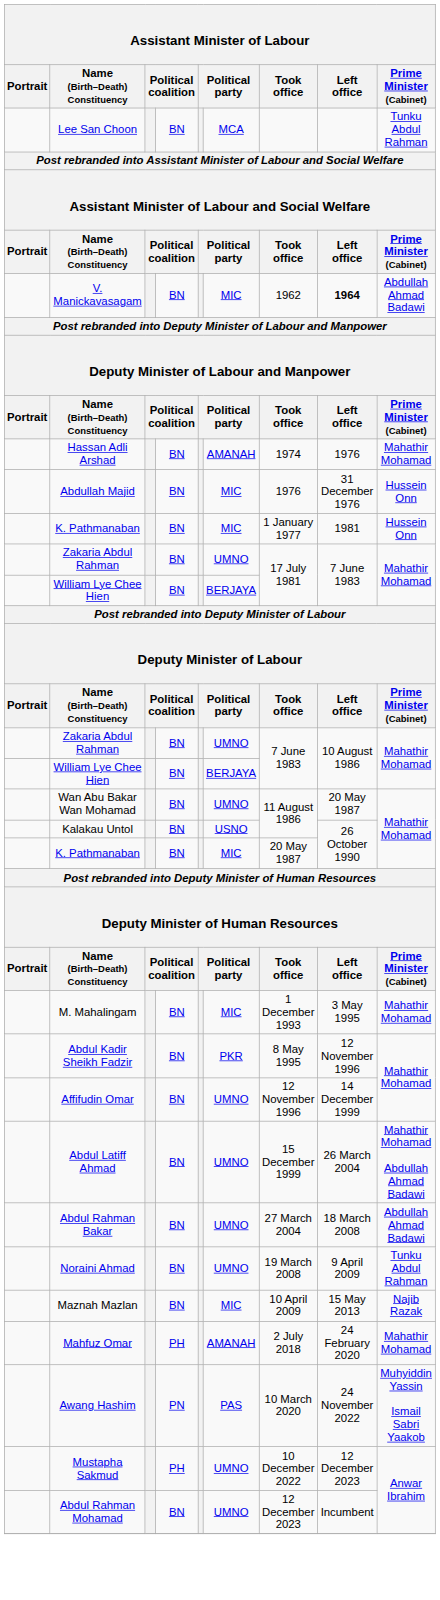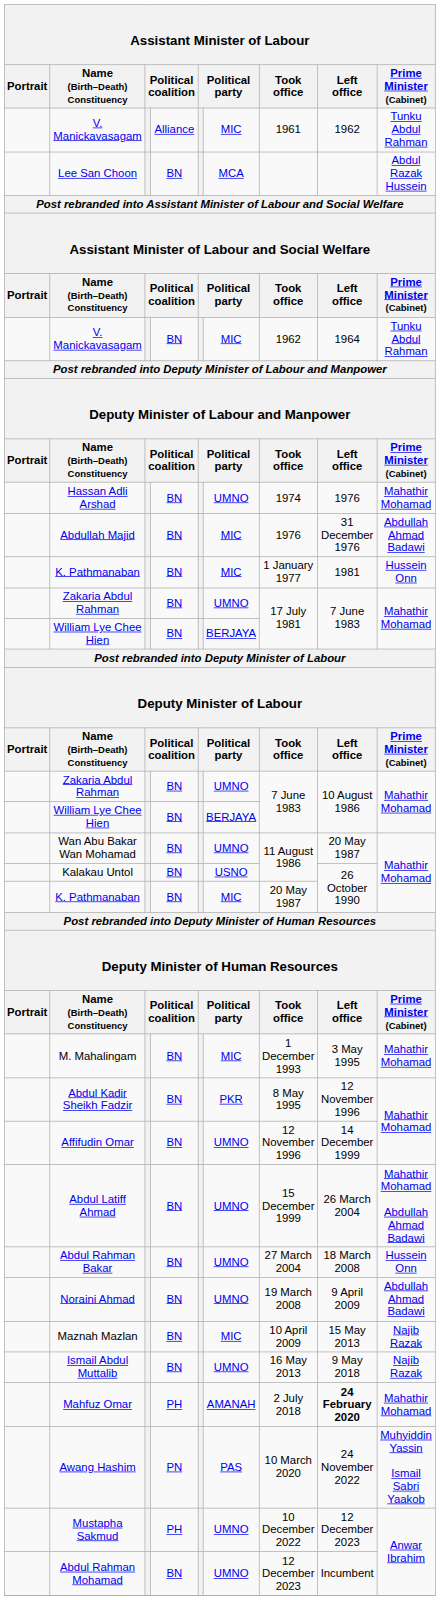 <table class="wikitable" style="text-align:center;">
 <tr>
 <th colspan="9"><br><h3>Assistant Minister of Labour</h3></th>
 </tr>
 <tr>
 <th>Portrait</th>
 <th>Name<br><small>(Birth–Death)<br>Constituency</small></th>
 <th colspan="2">Political coalition</th>
 <th colspan="2">Political party</th>
 <th>Took office</th>
 <th>Left office</th>
 <th><a href='#'>Prime Minister</a><br><small>(Cabinet)</small></th>
 </tr>
 <tr>
 <td></td>
+<td><a href='#'>V. Manickavasagam</a><br></td>
+<th style="background:"></th>
+<td><a href='#'>Alliance</a></td>
+<th style="background:"></th>
+<td><a href='#'>MIC</a></td>
+<td>1961</td>
+<td>1962</td>
+<td><a href='#'>Tunku Abdul Rahman</a><br></td>
+</tr>
+<tr>
+<td></td>
 <td><a href='#'>Lee San Choon</a><br></td>
 <th style="background:"></th>
 <td><a href='#'>BN</a></td>
 <th style="background:"></th>
 <td><a href='#'>MCA</a></td>
 <td></td>
 <td></td>
-<td><a href='#'>Tunku Abdul Rahman</a><br></td>
+<td><a href='#'>Abdul Razak Hussein</a><br></td>
 </tr>
 <tr>
 <th colspan="9"><em>Post rebranded into Assistant Minister of Labour and Social Welfare</em></th>
 </tr>
 <tr>
 <th colspan="9"><br><h3>Assistant Minister of Labour and Social Welfare</h3></th>
 </tr>
 <tr>
 <th>Portrait</th>
 <th>Name<br><small>(Birth–Death)<br>Constituency</small></th>
 <th colspan="2">Political coalition</th>
 <th colspan="2">Political party</th>
 <th>Took office</th>
 <th>Left office</th>
 <th><a href='#'>Prime Minister</a><br><small>(Cabinet)</small></th>
 </tr>
 <tr>
 <td></td>
 <td><a href='#'>V. Manickavasagam</a><br></td>
 <th style="background:"></th>
 <td><a href='#'>BN</a></td>
 <th style="background:"></th>
 <td><a href='#'>MIC</a></td>
 <td>1962</td>
-<td><strong>1964</strong></td>
-<td><a href='#'>Abdullah Ahmad Badawi</a><br></td>
+<td>1964</td>
+<td><a href='#'>Tunku Abdul Rahman</a><br></td>
 </tr>
 <tr>
 <th colspan="9"><em>Post rebranded into Deputy Minister of Labour and Manpower</em></th>
 </tr>
 <tr>
 <th colspan="9"><br><h3>Deputy Minister of Labour and Manpower</h3></th>
 </tr>
 <tr>
 <th>Portrait</th>
 <th>Name<br><small>(Birth–Death)<br>Constituency</small></th>
 <th colspan="2">Political coalition</th>
 <th colspan="2">Political party</th>
 <th>Took office</th>
 <th>Left office</th>
 <th><a href='#'>Prime Minister</a><br><small>(Cabinet)</small></th>
 </tr>
 <tr>
 <td></td>
 <td><a href='#'>Hassan Adli Arshad</a><br></td>
 <th style="background:"></th>
 <td><a href='#'>BN</a></td>
 <th style="background:"></th>
-<td><a href='#'>AMANAH</a></td>
+<td><a href='#'>UMNO</a></td>
 <td>1974</td>
 <td>1976</td>
 <td><a href='#'>Mahathir Mohamad</a><br></td>
 </tr>
 <tr>
 <td></td>
 <td><a href='#'>Abdullah Majid</a><br></td>
 <th style="background:"></th>
 <td><a href='#'>BN</a></td>
 <th style="background:"></th>
 <td><a href='#'>MIC</a></td>
 <td>1976</td>
 <td>31 December 1976</td>
-<td><a href='#'>Hussein Onn</a><br></td>
+<td><a href='#'>Abdullah Ahmad Badawi</a><br></td>
 </tr>
 <tr>
 <td></td>
 <td><a href='#'>K. Pathmanaban</a><br></td>
 <th style="background:"></th>
 <td><a href='#'>BN</a></td>
 <th style="background:"></th>
 <td><a href='#'>MIC</a></td>
 <td>1 January 1977</td>
 <td>1981</td>
 <td><a href='#'>Hussein Onn</a><br></td>
 </tr>
 <tr>
 <td></td>
 <td><a href='#'>Zakaria Abdul Rahman</a><br></td>
 <th style="background:"></th>
 <td><a href='#'>BN</a></td>
 <th style="background:"></th>
 <td><a href='#'>UMNO</a></td>
 <td rowspan=2>17 July 1981</td>
 <td rowspan=2>7 June 1983</td>
 <td rowspan=2><a href='#'>Mahathir Mohamad</a><br></td>
 </tr>
 <tr>
 <td></td>
 <td><a href='#'>William Lye Chee Hien</a>	<br></td>
 <th style="background:"></th>
 <td><a href='#'>BN</a></td>
 <th style="background:"></th>
 <td><a href='#'>BERJAYA</a></td>
 </tr>
 <tr>
 <th colspan="9"><em>Post rebranded into Deputy Minister of Labour</em></th>
 </tr>
 <tr>
 <th colspan="9"><br><h3>Deputy Minister of Labour</h3></th>
 </tr>
 <tr>
 <th>Portrait</th>
 <th>Name<br><small>(Birth–Death)<br>Constituency</small></th>
 <th colspan="2">Political coalition</th>
 <th colspan="2">Political party</th>
 <th>Took office</th>
 <th>Left office</th>
 <th><a href='#'>Prime Minister</a><br><small>(Cabinet)</small></th>
 </tr>
 <tr>
 <td></td>
 <td><a href='#'>Zakaria Abdul Rahman</a><br></td>
 <th style="background:"></th>
 <td><a href='#'>BN</a></td>
 <th style="background:"></th>
 <td><a href='#'>UMNO</a></td>
 <td rowspan=2>7 June 1983</td>
 <td rowspan=2>10 August 1986</td>
 <td rowspan=2><a href='#'>Mahathir Mohamad</a><br></td>
 </tr>
 <tr>
 <td></td>
 <td><a href='#'>William Lye Chee Hien</a><br></td>
 <th style="background:"></th>
 <td><a href='#'>BN</a></td>
 <th style="background:"></th>
 <td><a href='#'>BERJAYA</a></td>
 </tr>
 <tr>
 <td></td>
 <td>Wan Abu Bakar Wan Mohamad<br></td>
 <th style="background:"></th>
 <td><a href='#'>BN</a></td>
 <th style="background:"></th>
 <td><a href='#'>UMNO</a></td>
 <td rowspan=2>11 August 1986</td>
 <td>20 May 1987</td>
 <td rowspan=3><a href='#'>Mahathir Mohamad</a><br></td>
 </tr>
 <tr>
 <td></td>
 <td>Kalakau Untol<br></td>
 <th style="background:"></th>
 <td><a href='#'>BN</a></td>
 <th style="background:"></th>
 <td><a href='#'>USNO</a></td>
 <td rowspan=2>26 October 1990</td>
 </tr>
 <tr>
 <td></td>
 <td><a href='#'>K. Pathmanaban</a><br></td>
 <th style="background:"></th>
 <td><a href='#'>BN</a></td>
 <th style="background:"></th>
 <td><a href='#'>MIC</a></td>
 <td>20 May 1987</td>
 </tr>
 <tr>
 <th colspan="9"><em>Post rebranded into Deputy Minister of Human Resources</em></th>
 </tr>
 <tr>
 <th colspan="9"><br><h3>Deputy Minister of Human Resources</h3></th>
 </tr>
 <tr>
 <th>Portrait</th>
 <th>Name<br><small>(Birth–Death)<br>Constituency</small></th>
 <th colspan="2">Political coalition</th>
 <th colspan="2">Political party</th>
 <th>Took office</th>
 <th>Left office</th>
 <th><a href='#'>Prime Minister</a><br><small>(Cabinet)</small></th>
 </tr>
 <tr>
 <td></td>
 <td>M. Mahalingam<br></td>
 <th style="background:"></th>
 <td><a href='#'>BN</a></td>
 <th style="background:"></th>
 <td><a href='#'>MIC</a></td>
 <td>1 December 1993</td>
 <td>3 May 1995</td>
 <td><a href='#'>Mahathir Mohamad</a><br></td>
 </tr>
 <tr>
 <td></td>
 <td><a href='#'>Abdul Kadir Sheikh Fadzir</a><br></td>
 <th style="background:"></th>
 <td><a href='#'>BN</a></td>
 <th style="background:"></th>
 <td><a href='#'>PKR</a></td>
 <td>8 May 1995</td>
 <td>12 November 1996</td>
 <td rowspan=2><a href='#'>Mahathir Mohamad</a><br></td>
 </tr>
 <tr>
 <td></td>
 <td><a href='#'>Affifudin Omar</a><br></td>
 <th style="background:"></th>
 <td><a href='#'>BN</a></td>
 <th style="background:"></th>
 <td><a href='#'>UMNO</a></td>
 <td>12 November 1996</td>
 <td>14 December 1999</td>
 </tr>
 <tr>
 <td></td>
 <td><a href='#'>Abdul Latiff Ahmad</a><br></td>
 <th style="background:"></th>
 <td><a href='#'>BN</a></td>
 <th style="background:"></th>
 <td><a href='#'>UMNO</a></td>
 <td>15 December 1999</td>
 <td>26 March 2004</td>
 <td><a href='#'>Mahathir Mohamad</a><br><br><a href='#'>Abdullah Ahmad Badawi</a><br></td>
 </tr>
 <tr>
 <td></td>
 <td><a href='#'>Abdul Rahman Bakar</a><br></td>
 <th style="background:"></th>
 <td><a href='#'>BN</a></td>
 <th style="background:"></th>
 <td><a href='#'>UMNO</a></td>
 <td>27 March 2004</td>
 <td>18 March 2008</td>
-<td><a href='#'>Abdullah Ahmad Badawi</a><br></td>
+<td><a href='#'>Hussein Onn</a><br></td>
 </tr>
 <tr>
 <td></td>
 <td><a href='#'>Noraini Ahmad</a><br></td>
 <th style="background:"></th>
 <td><a href='#'>BN</a></td>
 <th style="background:"></th>
 <td><a href='#'>UMNO</a></td>
 <td>19 March 2008</td>
 <td>9 April 2009</td>
-<td><a href='#'>Tunku Abdul Rahman</a><br></td>
+<td><a href='#'>Abdullah Ahmad Badawi</a><br></td>
 </tr>
 <tr>
 <td></td>
 <td>Maznah Mazlan<br></td>
 <th style="background:"></th>
 <td><a href='#'>BN</a></td>
 <th style="background:"></th>
 <td><a href='#'>MIC</a></td>
 <td>10 April 2009</td>
 <td>15 May 2013</td>
 <td><a href='#'>Najib Razak</a><br></td>
 </tr>
 <tr>
 <td></td>
+<td><a href='#'>Ismail Abdul Muttalib</a><br></td>
+<th style="background:"></th>
+<td><a href='#'>BN</a></td>
+<th style="background:"></th>
+<td><a href='#'>UMNO</a></td>
+<td>16 May 2013</td>
+<td>9 May 2018</td>
+<td><a href='#'>Najib Razak</a><br></td>
+</tr>
+<tr>
+<td></td>
 <td><a href='#'>Mahfuz Omar</a><br></td>
 <th style="background:"></th>
 <td><a href='#'>PH</a></td>
 <th style="background:"></th>
 <td><a href='#'>AMANAH</a></td>
 <td>2 July 2018</td>
-<td>24 February 2020</td>
+<td><strong>24 February 2020</strong></td>
 <td><a href='#'>Mahathir Mohamad</a><br></td>
 </tr>
 <tr>
 <td></td>
 <td><a href='#'>Awang Hashim</a><br></td>
 <th style="background:"></th>
 <td><a href='#'>PN</a></td>
 <th style="background:"></th>
 <td><a href='#'>PAS</a></td>
 <td>10 March 2020</td>
 <td>24 November 2022</td>
 <td><a href='#'>Muhyiddin Yassin</a><br><br><a href='#'>Ismail Sabri Yaakob</a><br></td>
 </tr>
 <tr>
 <td></td>
 <td><a href='#'>Mustapha Sakmud</a><br></td>
 <th style="background:"></th>
 <td><a href='#'>PH</a></td>
 <th style="background:"></th>
 <td><a href='#'>UMNO</a></td>
 <td>10 December 2022</td>
 <td>12 December 2023</td>
 <td rowspan=2><a href='#'>Anwar Ibrahim</a><br></td>
 </tr>
 <tr>
 <td></td>
 <td><a href='#'>Abdul Rahman Mohamad</a><br></td>
 <th style="background:"></th>
 <td><a href='#'>BN</a></td>
 <th style="background:"></th>
 <td><a href='#'>UMNO</a></td>
 <td>12 December 2023</td>
 <td>Incumbent</td>
 </tr>
 <tr>
 </tr>
 </table>
